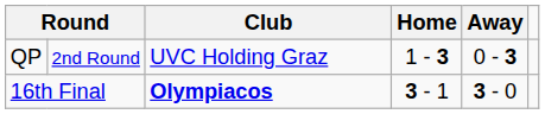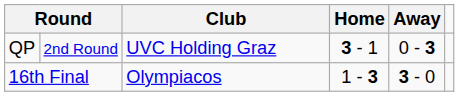 <table class="wikitable">
 <tr>
 <th colspan="2">Round</th>
 <th width="175">Club</th>
 <th>Home</th>
 <th>Away</th>
 </tr>
 <tr>
 <td>QP</td>
 <td><small><a href='#'>2nd Round</a></small></td>
 <td> <a href='#'>UVC Holding Graz</a></td>
-<td style="text-align:center;">1 - <strong>3</strong></td>
+<td style="text-align:center;"><strong>3</strong> - 1</td>
 <td style="text-align:center;">0 - <strong>3</strong></td>
 <td style="text-align:center;"></td>
 </tr>
 <tr>
 <td colspan="2"><a href='#'>16th Final</a></td>
-<td><strong> <a href='#'>Olympiacos</a></strong></td>
-<td style="text-align:center;"><strong>3</strong> - 1</td>
+<td> <a href='#'>Olympiacos</a></td>
+<td style="text-align:center;">1 - <strong>3</strong></td>
 <td style="text-align:center;"><strong>3</strong> - 0</td>
 <td style="text-align:center;"></td>
 </tr>
 </table>
